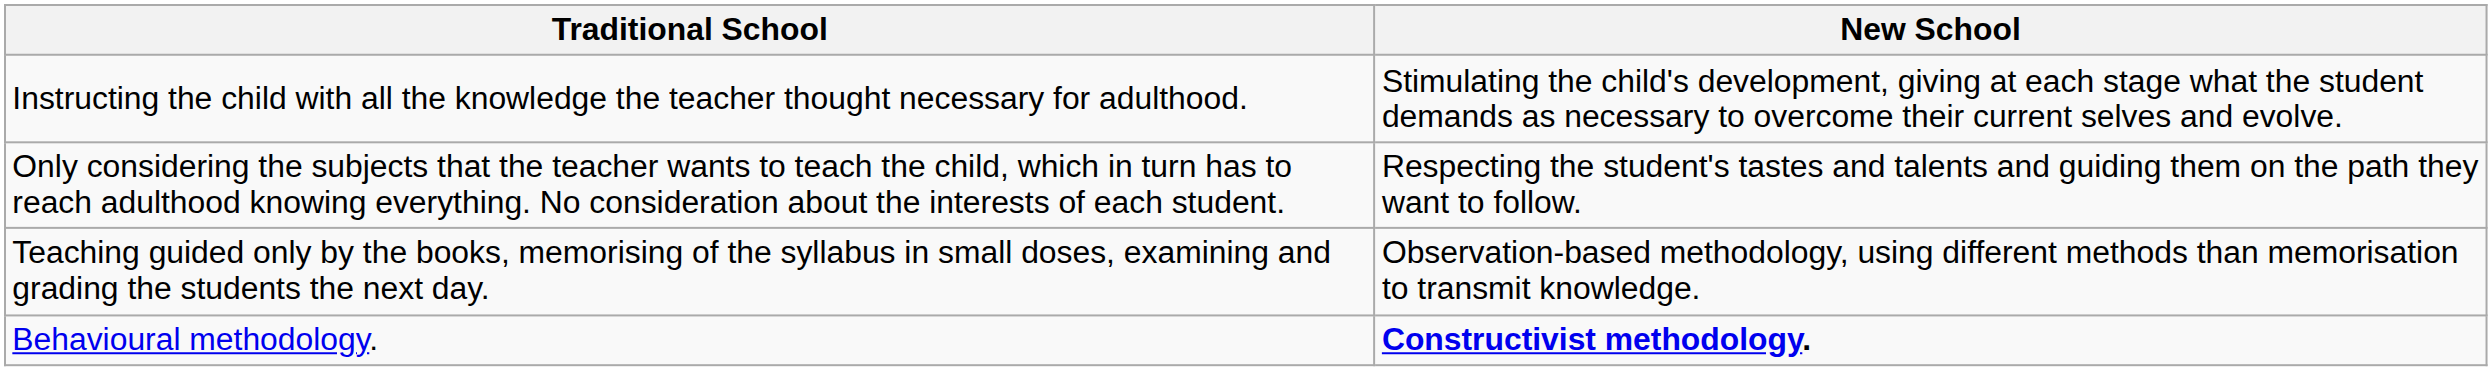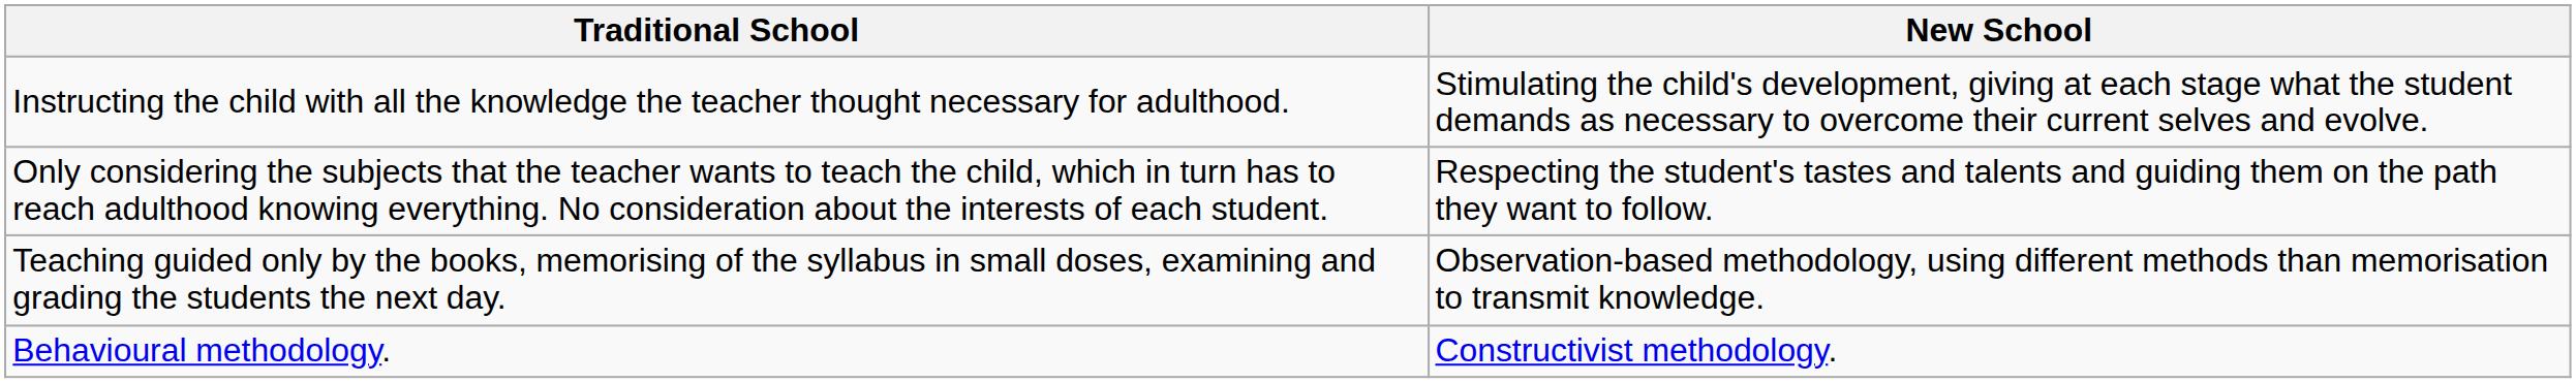 <table class="wikitable">
 <tr>
 <th>Traditional School</th>
 <th>New School</th>
 </tr>
 <tr>
 <td>Instructing the child with all the knowledge the teacher thought necessary for adulthood.</td>
 <td>Stimulating the child's development, giving at each stage what the student demands as necessary to overcome their current selves and evolve.</td>
 </tr>
 <tr>
 <td>Only considering the subjects that the teacher wants to teach the child, which in turn has to reach adulthood knowing everything. No consideration about the interests of each student.</td>
 <td>Respecting the student's tastes and talents and guiding them on the path they want to follow.</td>
 </tr>
 <tr>
 <td>Teaching guided only by the books, memorising of the syllabus in small doses, examining and grading the students the next day.</td>
 <td>Observation-based methodology, using different methods than memorisation to transmit knowledge.</td>
 </tr>
 <tr>
 <td><a href='#'>Behavioural methodology</a>.</td>
-<td><strong><a href='#'>Constructivist methodology</a>.</strong></td>
+<td><a href='#'>Constructivist methodology</a>.</td>
 </tr>
 </table>
